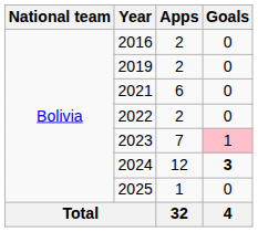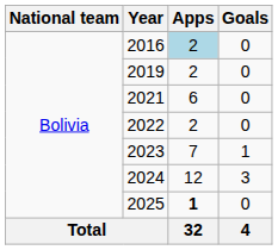 <table class="wikitable" style="text-align:center">
 <tr>
 <th>National team</th>
 <th>Year</th>
 <th>Apps</th>
 <th>Goals</th>
 </tr>
 <tr>
 <td rowspan="7"><a href='#'>Bolivia</a></td>
 <td>2016</td>
-<td>2</td>
+<td style="background: lightblue;">2</td>
 <td>0</td>
 </tr>
 <tr>
 <td>2019</td>
 <td>2</td>
 <td>0</td>
 </tr>
 <tr>
 <td>2021</td>
 <td>6</td>
 <td>0</td>
 </tr>
 <tr>
 <td>2022</td>
 <td>2</td>
 <td>0</td>
 </tr>
 <tr>
 <td>2023</td>
 <td>7</td>
-<td style="background: pink;">1</td>
+<td>1</td>
 </tr>
 <tr>
 <td>2024</td>
 <td>12</td>
-<td><strong>3</strong></td>
+<td>3</td>
 </tr>
 <tr>
 <td>2025</td>
-<td>1</td>
+<td><strong>1</strong></td>
 <td>0</td>
 </tr>
 <tr>
 <th colspan="2">Total</th>
 <th>32</th>
 <th>4</th>
 </tr>
 </table>
